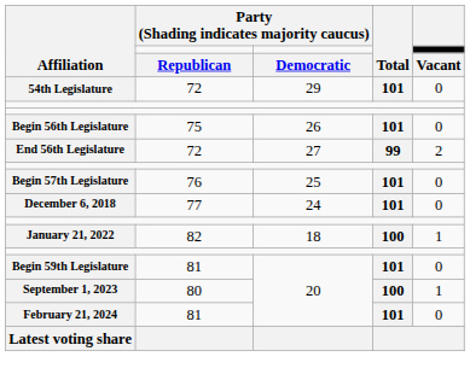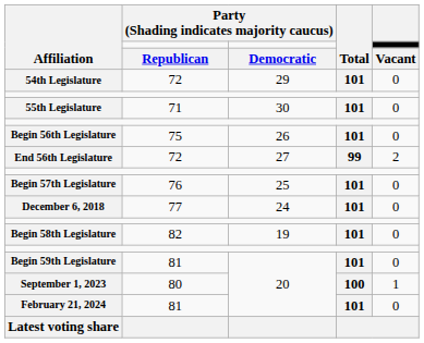 <table class=wikitable style="text-align:center">
 <tr style="vertical-align:bottom;">
 <th rowspan=3>Affiliation</th>
 <th colspan=2>Party <div>(Shading indicates majority caucus)</div></th>
 <th rowspan=3>Total</th>
 <th></th>
 </tr>
 <tr style="height:5px">
 <td style="background-color:"></td>
 <td style="background-color:"></td>
 <td style="background: black"></td>
 </tr>
 <tr>
 <th><a href='#'>Republican</a></th>
 <th><a href='#'>Democratic</a></th>
 <th>Vacant</th>
 </tr>
 <tr>
 <th nowrap style="font-size:80%">54th Legislature</th>
 <td>72</td>
 <td>29</td>
 <th>101</th>
 <td>0</td>
 </tr>
 <tr>
 <td colspan=5></td>
+</tr>
+<tr>
+<th nowrap style="font-size:80%">55th Legislature</th>
+<td>71</td>
+<td>30</td>
+<th>101</th>
+<td>0</td>
 </tr>
 <tr>
 <td colspan=5></td>
 </tr>
 <tr>
 <th nowrap style="font-size:80%">Begin 56th Legislature</th>
 <td>75</td>
 <td>26</td>
 <th>101</th>
 <td>0</td>
 </tr>
 <tr>
 <th nowrap style="font-size:80%">End 56th Legislature</th>
 <td>72</td>
 <td>27</td>
 <th>99</th>
 <td>2</td>
 </tr>
 <tr>
 <td colspan=5></td>
 </tr>
 <tr>
 <th nowrap style="font-size:80%">Begin 57th Legislature</th>
 <td>76</td>
 <td>25</td>
 <th>101</th>
 <td>0</td>
 </tr>
 <tr>
 <th nowrap style="font-size:80%">December 6, 2018</th>
 <td>77</td>
 <td>24</td>
 <th>101</th>
 <td>0</td>
 </tr>
 <tr>
 <td colspan=5></td>
 </tr>
 <tr>
-<th nowrap style="font-size:80%">January 21, 2022</th>
+<th nowrap style="font-size:80%">Begin 58th Legislature</th>
 <td>82</td>
-<td>18</td>
-<th>100</th>
-<td>1</td>
+<td>19</td>
+<th>101</th>
+<td>0</td>
 </tr>
 <tr>
 <td colspan=5></td>
 </tr>
 <tr>
 <th nowrap style="font-size:80%">Begin 59th Legislature</th>
 <td>81</td>
 <td rowspan=3>20</td>
 <th>101</th>
 <td>0</td>
 </tr>
 <tr>
 <th nowrap style="font-size:80%">September 1, 2023</th>
 <td>80</td>
 <th>100</th>
 <td>1</td>
 </tr>
 <tr>
 <th nowrap style="font-size:80%">February 21, 2024</th>
 <td>81</td>
 <th>101</th>
 <td>0</td>
 </tr>
 <tr>
 <th>Latest voting share</th>
 <th></th>
 <th></th>
 <th colspan="2"></th>
 </tr>
 </table>
